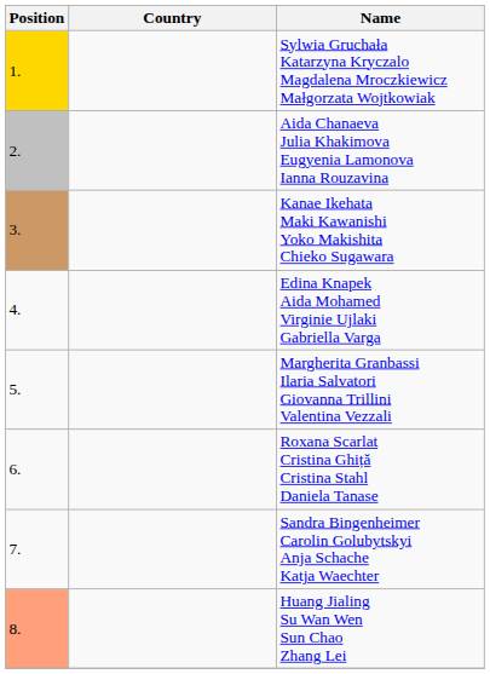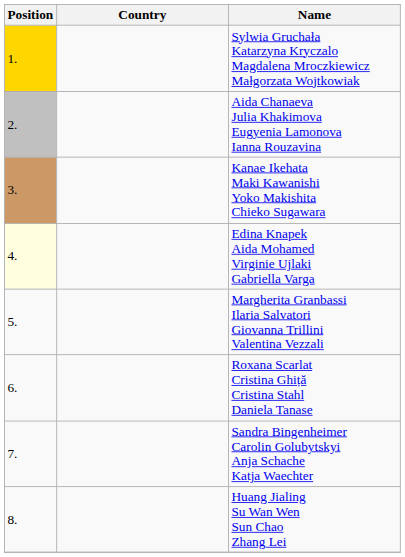 <table class="wikitable">
 <tr>
 <th width="10">Position</th>
 <th width="200">Country</th>
 <th width="200">Name</th>
 </tr>
 <tr>
 <td bgcolor="gold">1.</td>
 <td></td>
 <td><a href='#'>Sylwia Gruchała</a><br><a href='#'>Katarzyna Kryczalo</a><br><a href='#'>Magdalena Mroczkiewicz</a><br><a href='#'>Małgorzata Wojtkowiak</a></td>
 </tr>
 <tr>
 <td bgcolor="silver">2.</td>
 <td></td>
 <td><a href='#'>Aida Chanaeva</a><br><a href='#'>Julia Khakimova</a><br><a href='#'>Eugyenia Lamonova</a><br><a href='#'>Ianna Rouzavina</a></td>
 </tr>
 <tr>
 <td bgcolor="#CC9966">3.</td>
 <td></td>
 <td><a href='#'>Kanae Ikehata</a><br><a href='#'>Maki Kawanishi</a><br><a href='#'>Yoko Makishita</a><br><a href='#'>Chieko Sugawara</a></td>
 </tr>
 <tr>
-<td>4.</td>
+<td style="background: lightyellow;">4.</td>
 <td></td>
 <td><a href='#'>Edina Knapek</a><br><a href='#'>Aida Mohamed</a><br><a href='#'>Virginie Ujlaki</a><br><a href='#'>Gabriella Varga</a></td>
 </tr>
 <tr>
 <td>5.</td>
 <td></td>
 <td><a href='#'>Margherita Granbassi</a><br><a href='#'>Ilaria Salvatori</a><br><a href='#'>Giovanna Trillini</a><br><a href='#'>Valentina Vezzali</a></td>
 </tr>
 <tr>
 <td>6.</td>
 <td></td>
 <td><a href='#'>Roxana Scarlat</a><br><a href='#'>Cristina Ghiță</a><br><a href='#'>Cristina Stahl</a><br><a href='#'>Daniela Tanase</a></td>
 </tr>
 <tr>
 <td>7.</td>
 <td></td>
 <td><a href='#'>Sandra Bingenheimer</a><br><a href='#'>Carolin Golubytskyi</a><br><a href='#'>Anja Schache</a><br><a href='#'>Katja Waechter</a></td>
 </tr>
 <tr>
-<td style="background: lightsalmon;">8.</td>
+<td>8.</td>
 <td></td>
 <td><a href='#'>Huang Jialing</a><br><a href='#'>Su Wan Wen</a><br><a href='#'>Sun Chao</a><br><a href='#'>Zhang Lei</a></td>
 </tr>
 <tr>
 </tr>
 </table>
